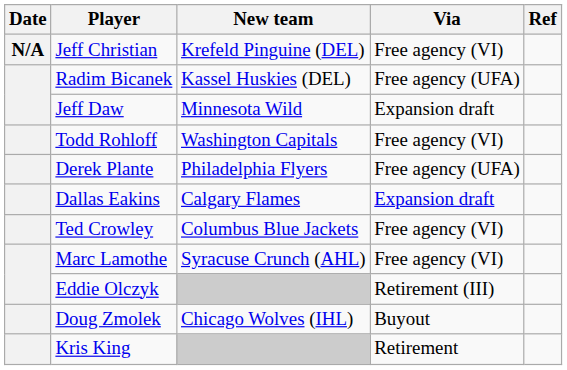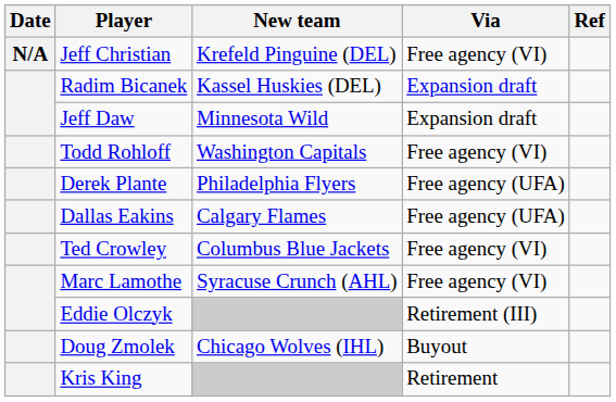 <table class="wikitable plainrowheaders">
 <tr style="background:#ddd; text-align:center;">
 <th>Date</th>
 <th>Player</th>
 <th>New team</th>
 <th>Via</th>
 <th>Ref</th>
 </tr>
 <tr>
 <th scope="row">N/A</th>
 <td><a href='#'>Jeff Christian</a></td>
 <td><a href='#'>Krefeld Pinguine</a> (<a href='#'>DEL</a>)</td>
 <td>Free agency (VI)</td>
 <td></td>
 </tr>
 <tr>
 <th scope="row" rowspan=2></th>
 <td><a href='#'>Radim Bicanek</a></td>
 <td><a href='#'>Kassel Huskies</a> (DEL)</td>
-<td>Free agency (UFA)</td>
+<td><a href='#'>Expansion draft</a></td>
 <td></td>
 </tr>
 <tr>
 <td><a href='#'>Jeff Daw</a></td>
 <td><a href='#'>Minnesota Wild</a></td>
 <td>Expansion draft</td>
 <td></td>
 </tr>
 <tr>
 <th scope="row"></th>
 <td><a href='#'>Todd Rohloff</a></td>
 <td><a href='#'>Washington Capitals</a></td>
 <td>Free agency (VI)</td>
 <td></td>
 </tr>
 <tr>
 <th scope="row"></th>
 <td><a href='#'>Derek Plante</a></td>
 <td><a href='#'>Philadelphia Flyers</a></td>
 <td>Free agency (UFA)</td>
 <td></td>
 </tr>
 <tr>
 <th scope="row"></th>
 <td><a href='#'>Dallas Eakins</a></td>
 <td><a href='#'>Calgary Flames</a></td>
-<td><a href='#'>Expansion draft</a></td>
+<td>Free agency (UFA)</td>
 <td></td>
 </tr>
 <tr>
 <th scope="row"></th>
 <td><a href='#'>Ted Crowley</a></td>
 <td><a href='#'>Columbus Blue Jackets</a></td>
 <td>Free agency (VI)</td>
 <td></td>
 </tr>
 <tr>
 <th scope="row" rowspan=2></th>
 <td><a href='#'>Marc Lamothe</a></td>
 <td><a href='#'>Syracuse Crunch</a> (<a href='#'>AHL</a>)</td>
 <td>Free agency (VI)</td>
 <td></td>
 </tr>
 <tr>
 <td><a href='#'>Eddie Olczyk</a></td>
 <td style="background:#ccc"></td>
 <td>Retirement (III)</td>
 <td></td>
 </tr>
 <tr>
 <th scope="row"></th>
 <td><a href='#'>Doug Zmolek</a></td>
 <td><a href='#'>Chicago Wolves</a> (<a href='#'>IHL</a>)</td>
 <td>Buyout</td>
 <td></td>
 </tr>
 <tr>
 <th scope="row"></th>
 <td><a href='#'>Kris King</a></td>
 <td style="background:#ccc"></td>
 <td>Retirement</td>
 <td></td>
 </tr>
 </table>
